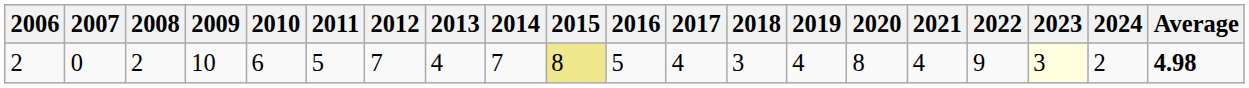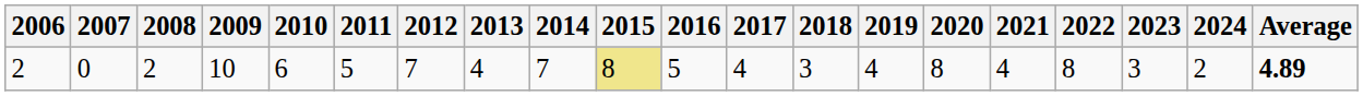 <table class="wikitable">
 <tr>
 <th>2006</th>
 <th>2007</th>
 <th>2008</th>
 <th>2009</th>
 <th>2010</th>
 <th>2011</th>
 <th>2012</th>
 <th>2013</th>
 <th>2014</th>
 <th>2015</th>
 <th>2016</th>
 <th>2017</th>
 <th>2018</th>
 <th>2019</th>
 <th>2020</th>
 <th>2021</th>
 <th>2022</th>
 <th>2023</th>
 <th>2024</th>
 <th>Average</th>
 </tr>
 <tr>
 <td>2</td>
 <td>0</td>
 <td>2</td>
 <td>10</td>
 <td>6</td>
 <td>5</td>
 <td>7</td>
 <td>4</td>
 <td>7</td>
 <td style="background: khaki;">8</td>
 <td>5</td>
 <td>4</td>
 <td>3</td>
 <td>4</td>
 <td>8</td>
 <td>4</td>
-<td>9</td>
-<td style="background: lightyellow;">3</td>
+<td>8</td>
+<td>3</td>
 <td>2</td>
-<td><strong>4.98</strong></td>
+<td><strong>4.89</strong></td>
 </tr>
 </table>
